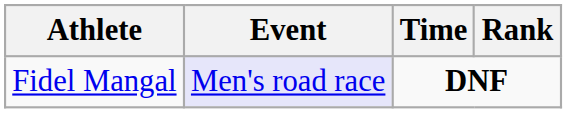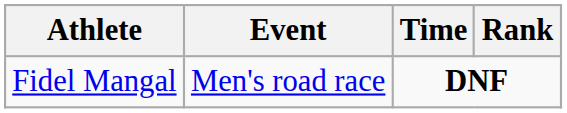 <table class=wikitable style="font-size:90%">
 <tr>
 <th>Athlete</th>
 <th>Event</th>
 <th>Time</th>
 <th>Rank</th>
 </tr>
 <tr>
 <td><a href='#'>Fidel Mangal</a></td>
-<td style="background: lavender;"><a href='#'>Men's road race</a></td>
+<td><a href='#'>Men's road race</a></td>
 <td align=center colspan=2><strong>DNF</strong></td>
 </tr>
 </table>
